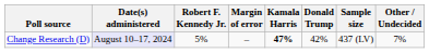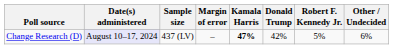 <table class="wikitable sortable mw-datatable" style="font-size:90%;text-align:center;line-height:17px">
 <tr valign=bottom>
 <th>Poll source</th>
 <th>Date(s)<br>administered</th>
-<th class="unsortable">Robert F.<br>Kennedy Jr.<br></th>
+<th>Sample<br>size</th>
 <th>Margin<br>of error</th>
 <th class="unsortable">Kamala<br>Harris<br></th>
 <th class="unsortable">Donald<br>Trump<br></th>
-<th>Sample<br>size</th>
+<th class="unsortable">Robert F.<br>Kennedy Jr.<br></th>
 <th class="unsortable">Other /<br>Undecided</th>
 </tr>
 <tr>
 <td style="text-align:left;"><a href='#'>Change Research (D)</a></td>
 <td style="background: lavender;">August 10–17, 2024</td>
-<td>5%</td>
+<td>437 (LV)</td>
 <td>–</td>
 <td style="color:black;background-color:"><strong>47%</strong></td>
 <td>42%</td>
-<td>437 (LV)</td>
-<td>7%</td>
+<td>5%</td>
+<td>6%</td>
 </tr>
 </table>
